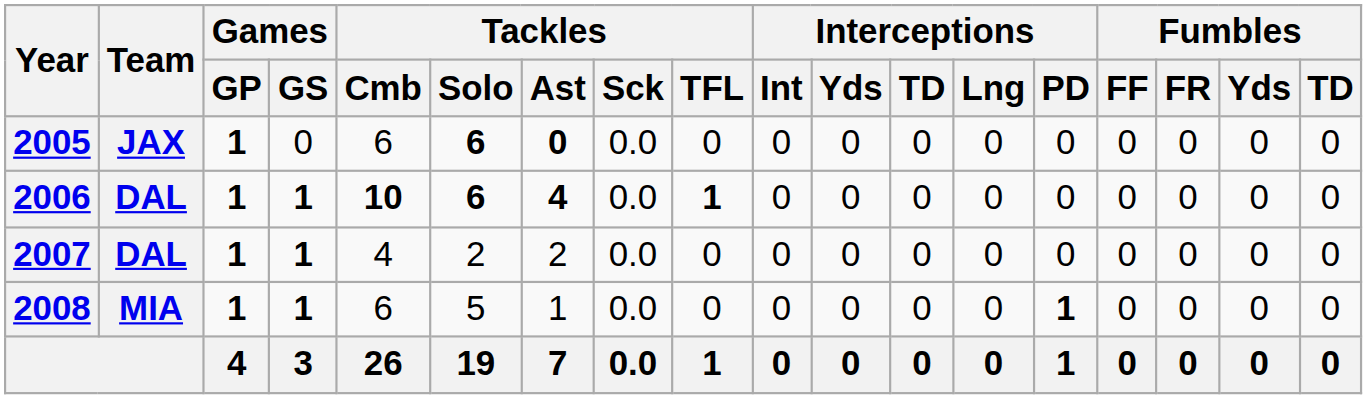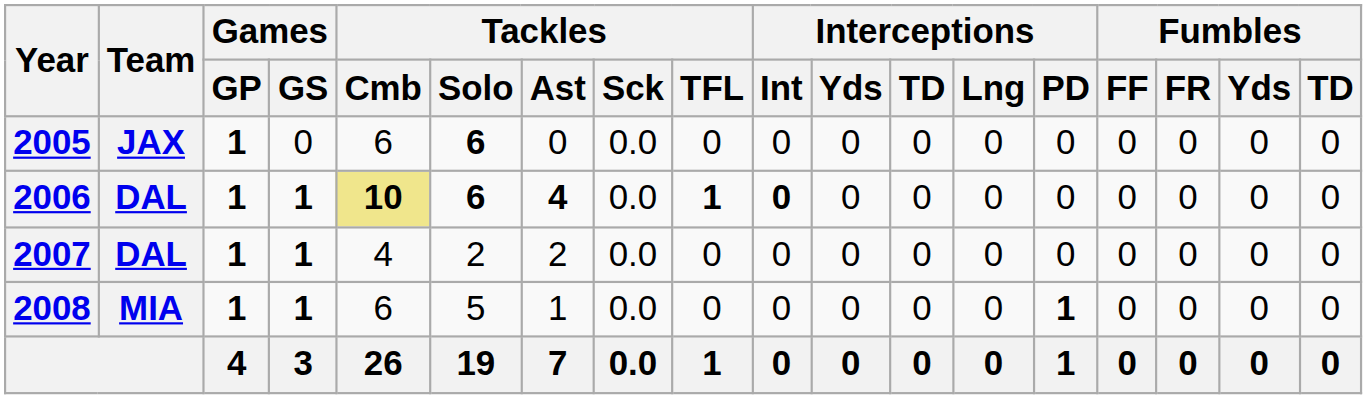 <table class="wikitable" style="text-align:center">
 <tr>
 <th rowspan="2">Year</th>
 <th rowspan="2">Team</th>
 <th colspan="2">Games</th>
 <th colspan="5">Tackles</th>
 <th colspan="5">Interceptions</th>
 <th colspan="4">Fumbles</th>
 </tr>
 <tr>
 <th>GP</th>
 <th>GS</th>
 <th>Cmb</th>
 <th>Solo</th>
 <th>Ast</th>
 <th>Sck</th>
 <th>TFL</th>
 <th>Int</th>
 <th>Yds</th>
 <th>TD</th>
 <th>Lng</th>
 <th>PD</th>
 <th>FF</th>
 <th>FR</th>
 <th>Yds</th>
 <th>TD</th>
 </tr>
 <tr>
 <th><a href='#'>2005</a></th>
 <th><a href='#'>JAX</a></th>
 <td><strong>1</strong></td>
 <td>0</td>
 <td>6</td>
 <td><strong>6</strong></td>
-<td><strong>0</strong></td>
+<td>0</td>
 <td>0.0</td>
 <td>0</td>
 <td>0</td>
 <td>0</td>
 <td>0</td>
 <td>0</td>
 <td>0</td>
 <td>0</td>
 <td>0</td>
 <td>0</td>
 <td>0</td>
 </tr>
 <tr>
 <th><a href='#'>2006</a></th>
 <th><a href='#'>DAL</a></th>
 <td><strong>1</strong></td>
 <td><strong>1</strong></td>
-<td><strong>10</strong></td>
+<td style="background: khaki;"><strong>10</strong></td>
 <td><strong>6</strong></td>
 <td><strong>4</strong></td>
 <td>0.0</td>
 <td><strong>1</strong></td>
-<td>0</td>
+<td><strong>0</strong></td>
 <td>0</td>
 <td>0</td>
 <td>0</td>
 <td>0</td>
 <td>0</td>
 <td>0</td>
 <td>0</td>
 <td>0</td>
 </tr>
 <tr>
 <th><a href='#'>2007</a></th>
 <th><a href='#'>DAL</a></th>
 <td><strong>1</strong></td>
 <td><strong>1</strong></td>
 <td>4</td>
 <td>2</td>
 <td>2</td>
 <td>0.0</td>
 <td>0</td>
 <td>0</td>
 <td>0</td>
 <td>0</td>
 <td>0</td>
 <td>0</td>
 <td>0</td>
 <td>0</td>
 <td>0</td>
 <td>0</td>
 </tr>
 <tr>
 <th><a href='#'>2008</a></th>
 <th><a href='#'>MIA</a></th>
 <td><strong>1</strong></td>
 <td><strong>1</strong></td>
 <td>6</td>
 <td>5</td>
 <td>1</td>
 <td>0.0</td>
 <td>0</td>
 <td>0</td>
 <td>0</td>
 <td>0</td>
 <td>0</td>
 <td><strong>1</strong></td>
 <td>0</td>
 <td>0</td>
 <td>0</td>
 <td>0</td>
 </tr>
 <tr>
 <th colspan="2"></th>
 <th>4</th>
 <th>3</th>
 <th>26</th>
 <th>19</th>
 <th>7</th>
 <th>0.0</th>
 <th>1</th>
 <th>0</th>
 <th>0</th>
 <th>0</th>
 <th>0</th>
 <th>1</th>
 <th>0</th>
 <th>0</th>
 <th>0</th>
 <th>0</th>
 </tr>
 </table>
